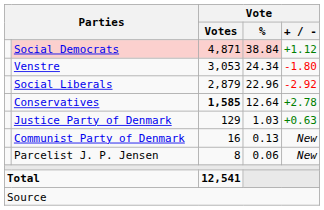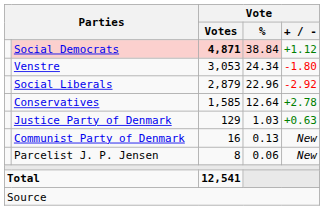 <table class="wikitable" style="text-align:right;">
 <tr>
 <th style="text-align:centre;" rowspan="2" colspan="2" width="225">Parties</th>
 <th colspan="3">Vote</th>
 </tr>
 <tr>
 <th width="15">Votes</th>
 <th width="15">%</th>
 <th width="15">+ / -</th>
 </tr>
 <tr>
 <td width="2" style="color:inherit;background:"></td>
 <td bgcolor=#fbd0ce  align="left"><a href='#'>Social Democrats</a></td>
-<td bgcolor=#fbd0ce>4,871</td>
+<td bgcolor=#fbd0ce><strong>4,871</strong></td>
 <td bgcolor=#fbd0ce>38.84</td>
 <td style=color:green;>+1.12</td>
 </tr>
 <tr>
 <td width="2" style="color:inherit;background:"></td>
 <td align="left"><a href='#'>Venstre</a></td>
 <td>3,053</td>
 <td>24.34</td>
 <td style=color:red;>-1.80</td>
 </tr>
 <tr>
 <td width="2" style="color:inherit;background:"></td>
 <td align="left"><a href='#'>Social Liberals</a></td>
 <td>2,879</td>
 <td>22.96</td>
 <td style=color:red;>-2.92</td>
 </tr>
 <tr>
 <td width="2" style="color:inherit;background:"></td>
 <td align="left"><a href='#'>Conservatives</a></td>
-<td><strong>1,585</strong></td>
+<td>1,585</td>
 <td>12.64</td>
 <td style=color:green;>+2.78</td>
 </tr>
 <tr>
 <td width="2" style="color:inherit;background:"></td>
 <td align="left"><a href='#'>Justice Party of Denmark</a></td>
 <td>129</td>
 <td>1.03</td>
 <td style=color:green;>+0.63</td>
 </tr>
 <tr>
 <td width="2" style="color:inherit;background:"></td>
 <td align="left"><a href='#'>Communist Party of Denmark</a></td>
 <td>16</td>
 <td>0.13</td>
 <td><em>New</em></td>
 </tr>
 <tr>
 <td width="2" style="color:inherit;background:"></td>
 <td align="left">Parcelist J. P. Jensen</td>
 <td>8</td>
 <td>0.06</td>
 <td><em>New</em></td>
 </tr>
 <tr>
 <td colspan="7" bgcolor="#E9E9E9"></td>
 </tr>
 <tr>
 <td align="left" colspan="2"><strong>Total</strong></td>
 <td><strong>12,541</strong></td>
 <td bgcolor="#E9E9E9" colspan="2"></td>
 </tr>
 <tr>
 <td align="left" colspan="6">Source</td>
 </tr>
 </table>
